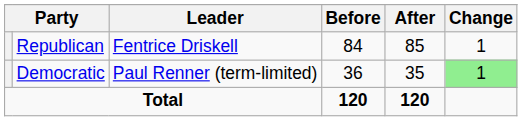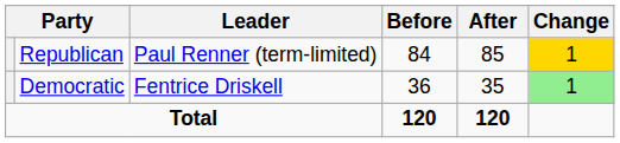 <table class="wikitable" style="text-align:center;">
 <tr>
 </tr>
 <tr>
 <th colspan="2">Party</th>
 <th>Leader</th>
 <th style="width:3em">Before</th>
 <th style="width:3em">After</th>
 <th style="width:3em">Change</th>
 </tr>
 <tr>
 <th style="background-color:"></th>
 <td style="text-align:left;"><a href='#'>Republican</a></td>
-<td style="text-align:left;"><a href='#'>Fentrice Driskell</a></td>
+<td style="text-align:left;"><a href='#'>Paul Renner</a> (term-limited)</td>
 <td>84</td>
 <td>85</td>
-<td> 1</td>
+<td style="background: gold;"> 1</td>
 </tr>
 <tr>
 <th style="background-color:"></th>
 <td style="text-align:left;"><a href='#'>Democratic</a></td>
-<td style="text-align:left;"><a href='#'>Paul Renner</a> (term-limited)</td>
+<td style="text-align:left;"><a href='#'>Fentrice Driskell</a></td>
 <td>36</td>
 <td>35</td>
 <td style="background: lightgreen;"> 1</td>
 </tr>
 <tr>
 <td colspan="3"><strong>Total</strong></td>
 <td><strong>120</strong></td>
 <td><strong>120</strong></td>
 <td></td>
 </tr>
 </table>
